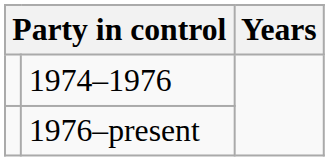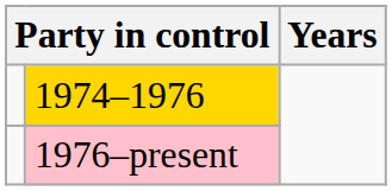 <table class="wikitable">
 <tr>
 <th colspan=2>Party in control</th>
 <th>Years</th>
 </tr>
 <tr>
 <td></td>
-<td>1974–1976</td>
+<td style="background: gold;">1974–1976</td>
 </tr>
 <tr>
 <td></td>
-<td>1976–present</td>
+<td style="background: pink;">1976–present</td>
 </tr>
 </table>
